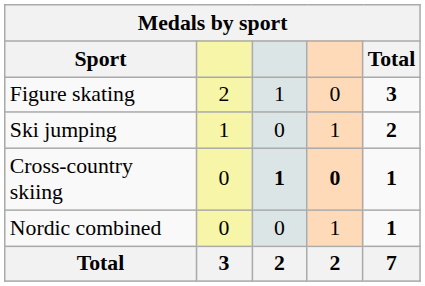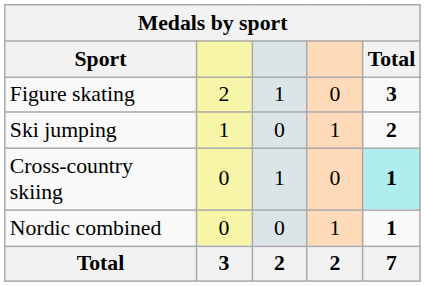 <table class="wikitable" style="font-size:90%; text-align:center;">
 <tr>
 <th colspan=5>Medals by sport</th>
 </tr>
 <tr>
 <th width=120>Sport</th>
 <th scope="col" width=30 style="background:#F7F6A8;"></th>
 <th scope="col" width=30 style="background:#DCE5E5;"></th>
 <th scope="col" width=30 style="background:#FFDAB9;"></th>
 <th width=30>Total</th>
 </tr>
 <tr>
 <td align=left>Figure skating</td>
 <td style="background:#F7F6A8;">2</td>
 <td style="background:#DCE5E5;">1</td>
 <td style="background:#FFDAB9;">0</td>
 <td><strong>3</strong></td>
 </tr>
 <tr>
 <td align=left>Ski jumping</td>
 <td style="background:#F7F6A8;">1</td>
 <td style="background:#DCE5E5;">0</td>
 <td style="background:#FFDAB9;">1</td>
 <td><strong>2</strong></td>
 </tr>
 <tr>
 <td align=left>Cross-country skiing</td>
 <td style="background:#F7F6A8;">0</td>
-<td style="background:#DCE5E5;"><strong>1</strong></td>
-<td style="background:#FFDAB9;"><strong>0</strong></td>
-<td><strong>1</strong></td>
+<td style="background:#DCE5E5;">1</td>
+<td style="background:#FFDAB9;">0</td>
+<td style="background: paleturquoise;"><strong>1</strong></td>
 </tr>
 <tr>
 <td align=left>Nordic combined</td>
 <td style="background:#F7F6A8;">0</td>
 <td style="background:#DCE5E5;">0</td>
 <td style="background:#FFDAB9;">1</td>
 <td><strong>1</strong></td>
 </tr>
 <tr class="sortbottom">
 <th>Total</th>
 <th>3</th>
 <th>2</th>
 <th>2</th>
 <th>7</th>
 </tr>
 </table>
